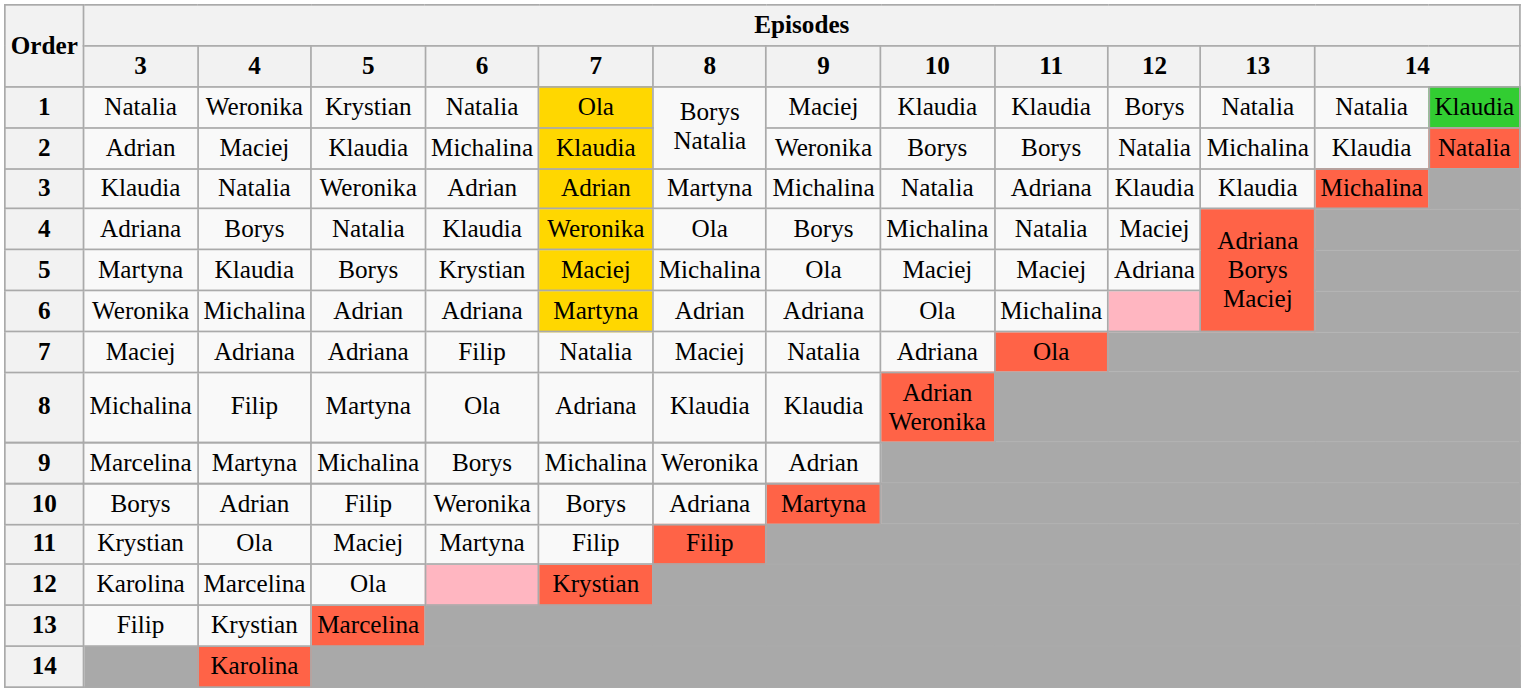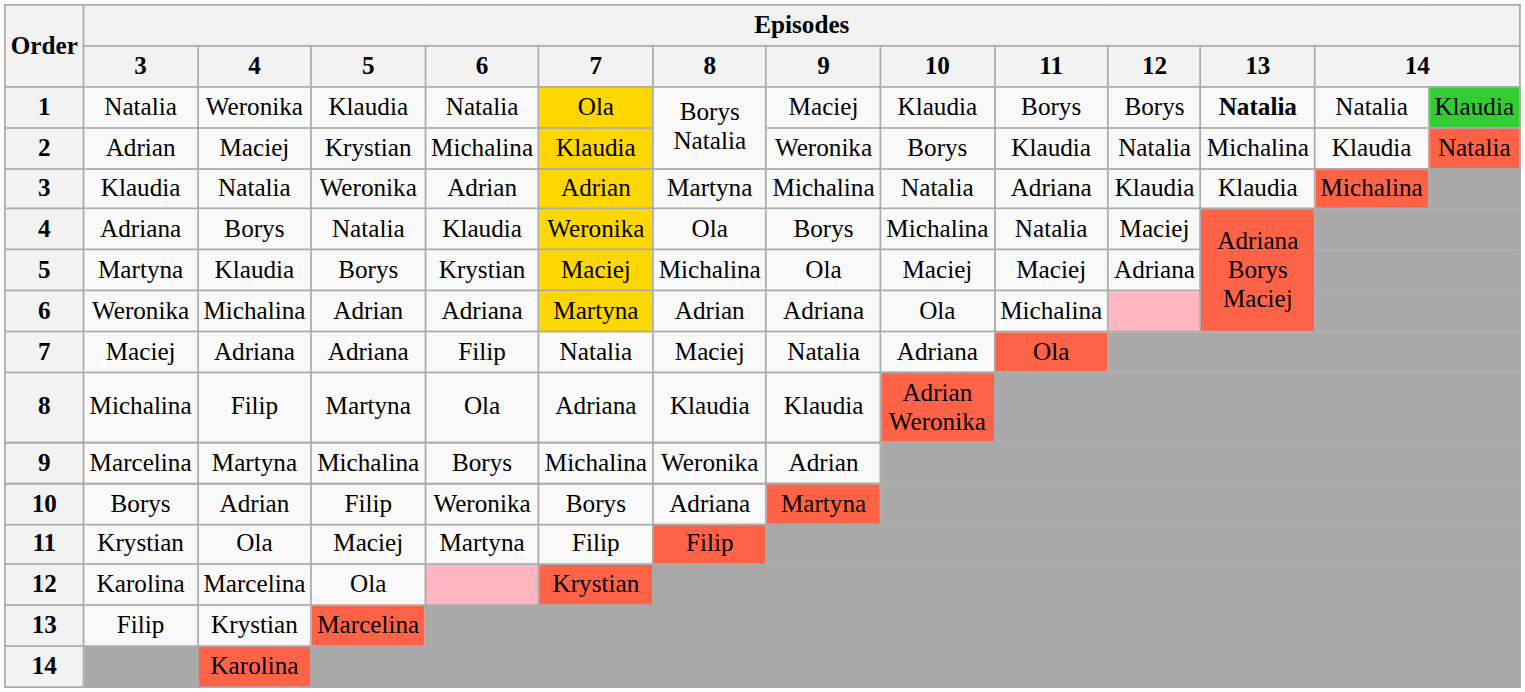 <table class="wikitable" style="text-align:center; font-size:92%">
 <tr>
 <th rowspan=2>Order</th>
 <th colspan=16>Episodes</th>
 </tr>
 <tr>
 <th>3</th>
 <th>4</th>
 <th>5</th>
 <th>6</th>
 <th>7</th>
 <th>8</th>
 <th>9</th>
 <th>10</th>
 <th>11</th>
 <th>12</th>
 <th>13</th>
 <th colspan="2">14</th>
 </tr>
 <tr>
 <th>1</th>
 <td>Natalia</td>
 <td>Weronika</td>
-<td>Krystian</td>
+<td>Klaudia</td>
 <td>Natalia</td>
 <td style="background:gold">Ola</td>
 <td rowspan="2">Borys<br>Natalia</td>
 <td>Maciej</td>
 <td>Klaudia</td>
-<td>Klaudia</td>
 <td>Borys</td>
-<td>Natalia</td>
+<td>Borys</td>
+<td><strong>Natalia</strong></td>
 <td>Natalia</td>
 <td style="background:limegreen">Klaudia</td>
 </tr>
 <tr>
 <th>2</th>
 <td>Adrian</td>
 <td>Maciej</td>
-<td>Klaudia</td>
+<td>Krystian</td>
 <td>Michalina</td>
 <td style="background:gold">Klaudia</td>
 <td>Weronika</td>
 <td>Borys</td>
-<td>Borys</td>
+<td>Klaudia</td>
 <td>Natalia</td>
 <td>Michalina</td>
 <td>Klaudia</td>
 <td style="background:tomato">Natalia</td>
 </tr>
 <tr>
 <th>3</th>
 <td>Klaudia</td>
 <td>Natalia</td>
 <td>Weronika</td>
 <td>Adrian</td>
 <td style="background:gold">Adrian</td>
 <td>Martyna</td>
 <td>Michalina</td>
 <td>Natalia</td>
 <td>Adriana</td>
 <td>Klaudia</td>
 <td>Klaudia</td>
 <td bgcolor="tomato">Michalina</td>
 <td style="background:darkgray;" colspan="9"></td>
 </tr>
 <tr>
 <th>4</th>
 <td>Adriana</td>
 <td>Borys</td>
 <td>Natalia</td>
 <td>Klaudia</td>
 <td style="background:gold">Weronika</td>
 <td>Ola</td>
 <td>Borys</td>
 <td>Michalina</td>
 <td>Natalia</td>
 <td>Maciej</td>
 <td rowspan="3" bgcolor="tomato">Adriana<br>Borys<br>Maciej</td>
 <td style="background:darkgray;" colspan="9"></td>
 </tr>
 <tr>
 <th>5</th>
 <td>Martyna</td>
 <td>Klaudia</td>
 <td>Borys</td>
 <td>Krystian</td>
 <td style="background:gold">Maciej</td>
 <td>Michalina</td>
 <td>Ola</td>
 <td>Maciej</td>
 <td>Maciej</td>
 <td>Adriana</td>
 <td style="background:darkgray;" colspan="9"></td>
 </tr>
 <tr>
 <th>6</th>
 <td>Weronika</td>
 <td>Michalina</td>
 <td>Adrian</td>
 <td>Adriana</td>
 <td style="background:gold">Martyna</td>
 <td>Adrian</td>
 <td>Adriana</td>
 <td>Ola</td>
 <td>Michalina</td>
 <td bgcolor="lightpink"></td>
 <td style="background:darkgray;" colspan="9"></td>
 </tr>
 <tr>
 <th>7</th>
 <td>Maciej</td>
 <td>Adriana</td>
 <td>Adriana</td>
 <td>Filip</td>
 <td>Natalia</td>
 <td>Maciej</td>
 <td>Natalia</td>
 <td>Adriana</td>
 <td bgcolor="tomato">Ola</td>
 <td style="background:darkgray;" colspan="9"></td>
 </tr>
 <tr>
 <th>8</th>
 <td>Michalina</td>
 <td>Filip</td>
 <td>Martyna</td>
 <td>Ola</td>
 <td>Adriana</td>
 <td>Klaudia</td>
 <td>Klaudia</td>
 <td rowspan="2"bgcolor="tomato">Adrian<br>Weronika</td>
 <td style="background:darkgray;" colspan="9"></td>
 </tr>
 <tr>
 </tr>
 <tr>
 <th>9</th>
 <td>Marcelina</td>
 <td>Martyna</td>
 <td>Michalina</td>
 <td>Borys</td>
 <td>Michalina</td>
 <td>Weronika</td>
 <td>Adrian</td>
 <td style="background:darkgray;" colspan="9"></td>
 </tr>
 <tr>
 </tr>
 <tr>
 <th>10</th>
 <td>Borys</td>
 <td>Adrian</td>
 <td>Filip</td>
 <td>Weronika</td>
 <td>Borys</td>
 <td>Adriana</td>
 <td style="background:tomato">Martyna</td>
 <td style="background:darkgray;" colspan="9"></td>
 </tr>
 <tr>
 <th>11</th>
 <td>Krystian</td>
 <td>Ola</td>
 <td>Maciej</td>
 <td>Martyna</td>
 <td>Filip</td>
 <td style="background:tomato">Filip</td>
 <td style="background:darkgray;" colspan="9"></td>
 </tr>
 <tr>
 <th>12</th>
 <td>Karolina</td>
 <td>Marcelina</td>
 <td>Ola</td>
 <td bgcolor="lightpink"></td>
 <td style="background:tomato">Krystian</td>
 <td style="background:darkgray;" colspan="9"></td>
 </tr>
 <tr>
 <th>13</th>
 <td>Filip</td>
 <td>Krystian</td>
 <td style="background:tomato">Marcelina</td>
 <td style="background:darkgray;" colspan="10"></td>
 </tr>
 <tr>
 <th>14</th>
 <td style="background:darkgray"></td>
 <td bgcolor="tomato">Karolina</td>
 <td style="background:darkgray;" colspan="11"></td>
 </tr>
 </table>
